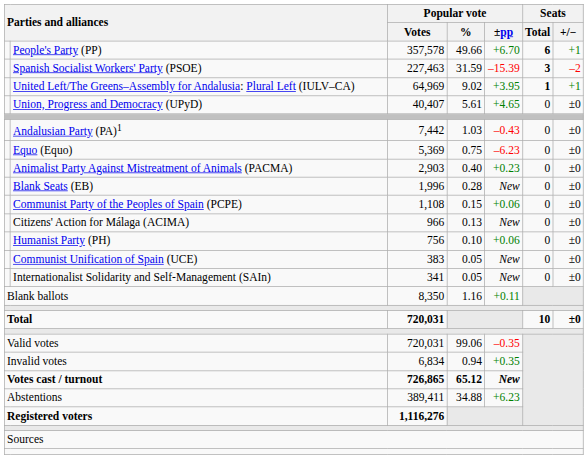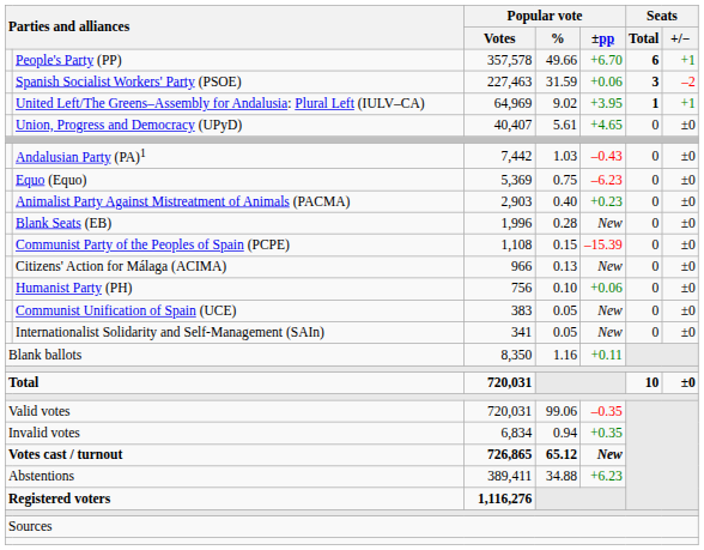 <table class="wikitable" style="text-align:right;">
 <tr>
 <th style="text-align:left;" rowspan="2" colspan="2" width="525">Parties and alliances</th>
 <th colspan="3">Popular vote</th>
 <th colspan="2">Seats</th>
 </tr>
 <tr>
 <th width="75">Votes</th>
 <th width="45">%</th>
 <th width="45">±<a href='#'>pp</a></th>
 <th width="35">Total</th>
 <th width="35">+/−</th>
 </tr>
 <tr>
 <td width="1" style="color:inherit;background:"></td>
 <td align="left"><a href='#'>People's Party</a> (PP)</td>
 <td>357,578</td>
 <td>49.66</td>
 <td style="color:green;">+6.70</td>
 <td><strong>6</strong></td>
 <td style="color:green;">+1</td>
 </tr>
 <tr>
 <td style="color:inherit;background:"></td>
 <td align="left"><a href='#'>Spanish Socialist Workers' Party</a> (PSOE)</td>
 <td>227,463</td>
 <td>31.59</td>
-<td style="color:red;">–15.39</td>
+<td style="color:green;">+0.06</td>
 <td><strong>3</strong></td>
 <td style="color:red;">–2</td>
 </tr>
 <tr>
 <td style="color:inherit;background:"></td>
 <td align="left"><a href='#'>United Left/The Greens–Assembly for Andalusia</a>: <a href='#'>Plural Left</a> (IULV–CA)</td>
 <td>64,969</td>
 <td>9.02</td>
 <td style="color:green;">+3.95</td>
 <td><strong>1</strong></td>
 <td style="color:green;">+1</td>
 </tr>
 <tr>
 <td style="color:inherit;background:"></td>
 <td align="left"><a href='#'>Union, Progress and Democracy</a> (UPyD)</td>
 <td>40,407</td>
 <td>5.61</td>
 <td style="color:green;">+4.65</td>
 <td>0</td>
 <td>±0</td>
 </tr>
 <tr>
 <td colspan="7" bgcolor="#C0C0C0"></td>
 </tr>
 <tr>
 <td style="color:inherit;background:"></td>
 <td align="left"><a href='#'>Andalusian Party</a> (PA)<sup>1</sup></td>
 <td>7,442</td>
 <td>1.03</td>
 <td style="color:red;">–0.43</td>
 <td>0</td>
 <td>±0</td>
 </tr>
 <tr>
 <td style="color:inherit;background:"></td>
 <td align="left"><a href='#'>Equo</a> (Equo)</td>
 <td>5,369</td>
 <td>0.75</td>
 <td style="color:red;">–6.23</td>
 <td>0</td>
 <td>±0</td>
 </tr>
 <tr>
 <td style="color:inherit;background:"></td>
 <td align="left"><a href='#'>Animalist Party Against Mistreatment of Animals</a> (PACMA)</td>
 <td>2,903</td>
 <td>0.40</td>
 <td style="color:green;">+0.23</td>
 <td>0</td>
 <td>±0</td>
 </tr>
 <tr>
 <td style="color:inherit;background:"></td>
 <td align="left"><a href='#'>Blank Seats</a> (EB)</td>
 <td>1,996</td>
 <td>0.28</td>
 <td><em>New</em></td>
 <td>0</td>
 <td>±0</td>
 </tr>
 <tr>
 <td style="color:inherit;background:"></td>
 <td align="left"><a href='#'>Communist Party of the Peoples of Spain</a> (PCPE)</td>
 <td>1,108</td>
 <td>0.15</td>
-<td style="color:green;">+0.06</td>
+<td style="color:red;">–15.39</td>
 <td>0</td>
 <td>±0</td>
 </tr>
 <tr>
 <td style="color:inherit;background:"></td>
 <td align="left">Citizens' Action for Málaga (ACIMA)</td>
 <td>966</td>
 <td>0.13</td>
 <td><em>New</em></td>
 <td>0</td>
 <td>±0</td>
 </tr>
 <tr>
 <td style="color:inherit;background:"></td>
 <td align="left"><a href='#'>Humanist Party</a> (PH)</td>
 <td>756</td>
 <td>0.10</td>
 <td style="color:green;">+0.06</td>
 <td>0</td>
 <td>±0</td>
 </tr>
 <tr>
 <td style="color:inherit;background:"></td>
 <td align="left"><a href='#'>Communist Unification of Spain</a> (UCE)</td>
 <td>383</td>
 <td>0.05</td>
 <td><em>New</em></td>
 <td>0</td>
 <td>±0</td>
 </tr>
 <tr>
 <td style="color:inherit;background:"></td>
 <td align="left">Internationalist Solidarity and Self-Management (SAIn)</td>
 <td>341</td>
 <td>0.05</td>
 <td><em>New</em></td>
 <td>0</td>
 <td>±0</td>
 </tr>
 <tr>
 <td align="left" colspan="2">Blank ballots</td>
 <td>8,350</td>
 <td>1.16</td>
 <td style="color:green;">+0.11</td>
 <td bgcolor="#E9E9E9" colspan="2"></td>
 </tr>
 <tr>
 <td colspan="7" bgcolor="#E9E9E9"></td>
 </tr>
 <tr style="font-weight:bold;">
 <td align="left" colspan="2">Total</td>
 <td>720,031</td>
 <td bgcolor="#E9E9E9" colspan="2"></td>
 <td>10</td>
 <td>±0</td>
 </tr>
 <tr>
 <td colspan="7" bgcolor="#E9E9E9"></td>
 </tr>
 <tr>
 <td align="left" colspan="2">Valid votes</td>
 <td>720,031</td>
 <td>99.06</td>
 <td style="color:red;">–0.35</td>
 <td bgcolor="#E9E9E9" colspan="2" rowspan="5"></td>
 </tr>
 <tr>
 <td align="left" colspan="2">Invalid votes</td>
 <td>6,834</td>
 <td>0.94</td>
 <td style="color:green;">+0.35</td>
 </tr>
 <tr style="font-weight:bold;">
 <td align="left" colspan="2">Votes cast / turnout</td>
 <td>726,865</td>
 <td>65.12</td>
 <td><em>New</em></td>
 </tr>
 <tr>
 <td align="left" colspan="2">Abstentions</td>
 <td>389,411</td>
 <td>34.88</td>
 <td style="color:green;">+6.23</td>
 </tr>
 <tr style="font-weight:bold;">
 <td align="left" colspan="2">Registered voters</td>
 <td>1,116,276</td>
 <td bgcolor="#E9E9E9" colspan="2"></td>
 </tr>
 <tr>
 <td colspan="7" bgcolor="#E9E9E9"></td>
 </tr>
 <tr>
 <td align="left" colspan="7">Sources</td>
 </tr>
 <tr>
 <td colspan="7" style="text-align:left; max-width:790px;"></td>
 </tr>
 </table>
